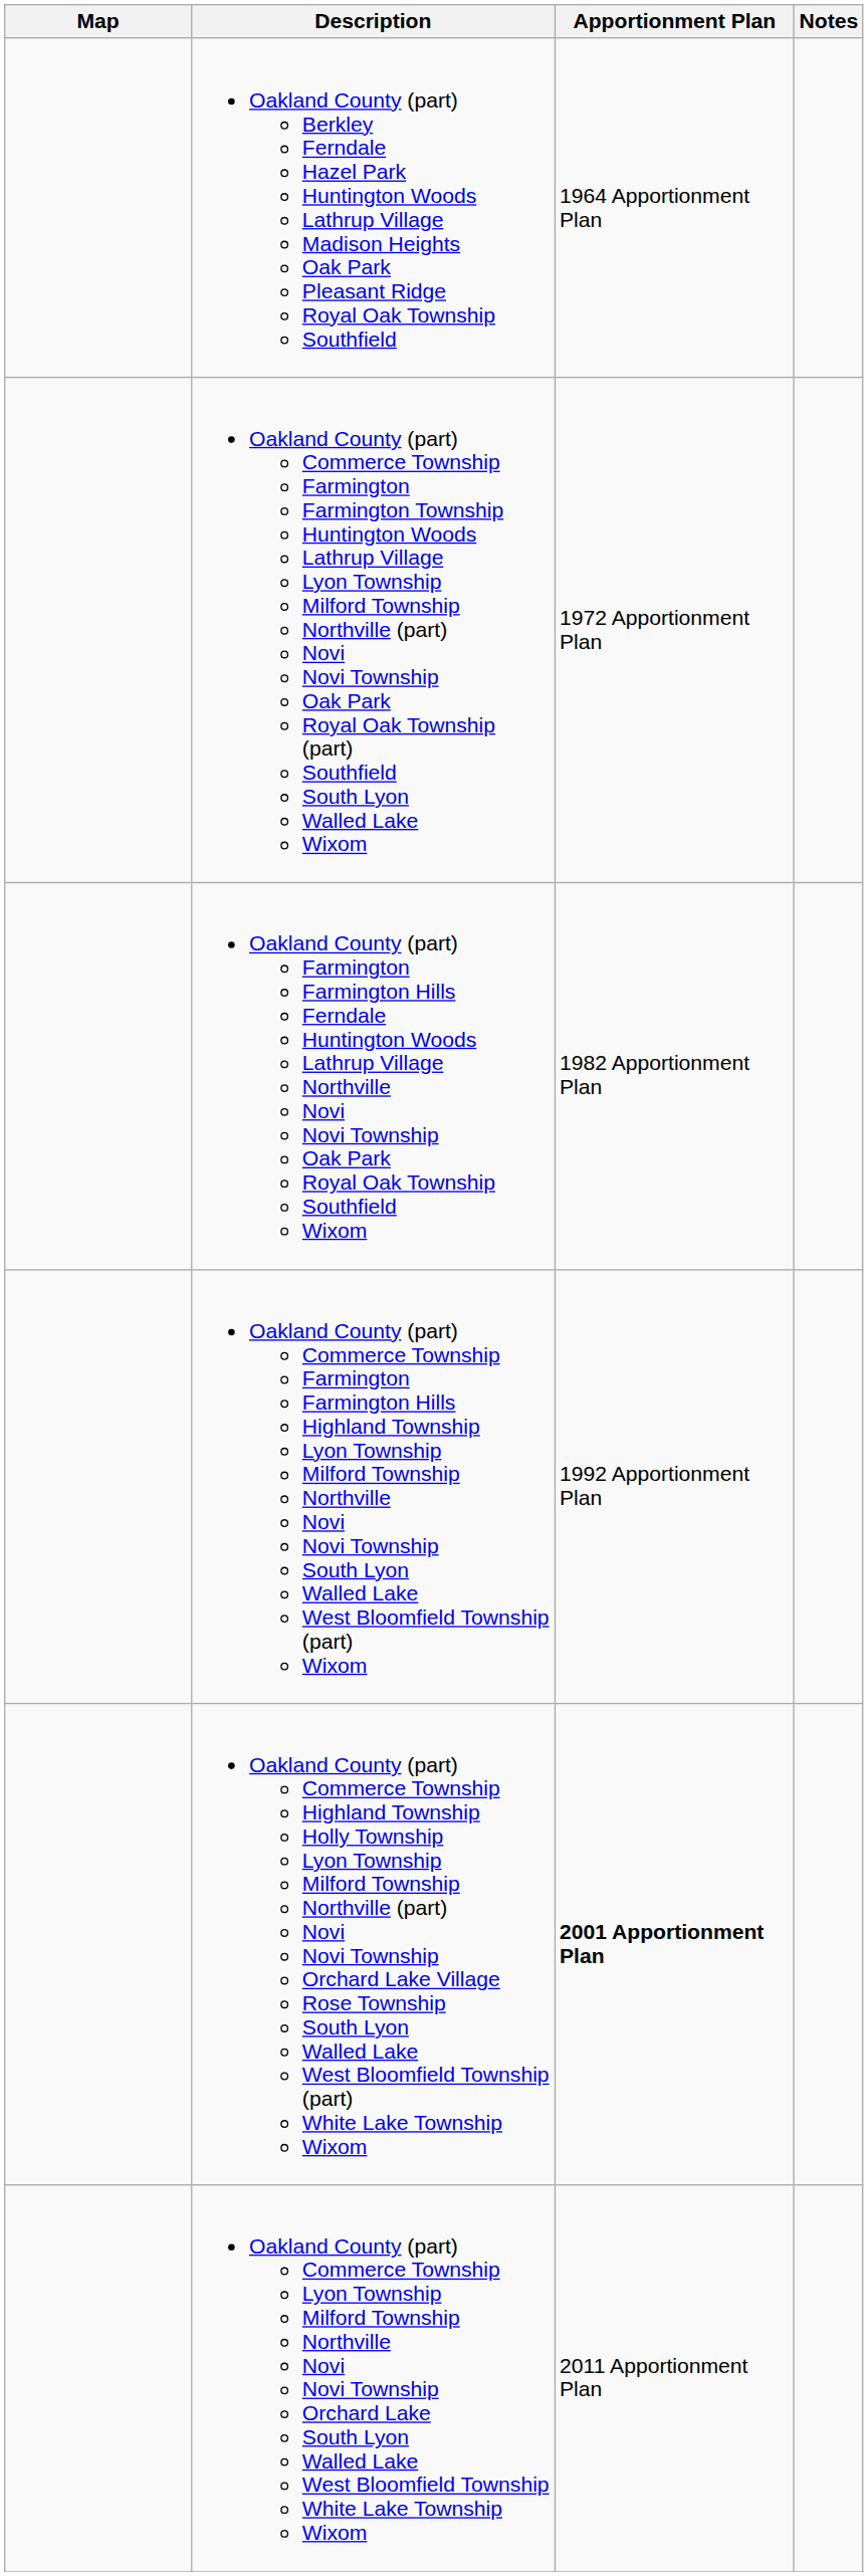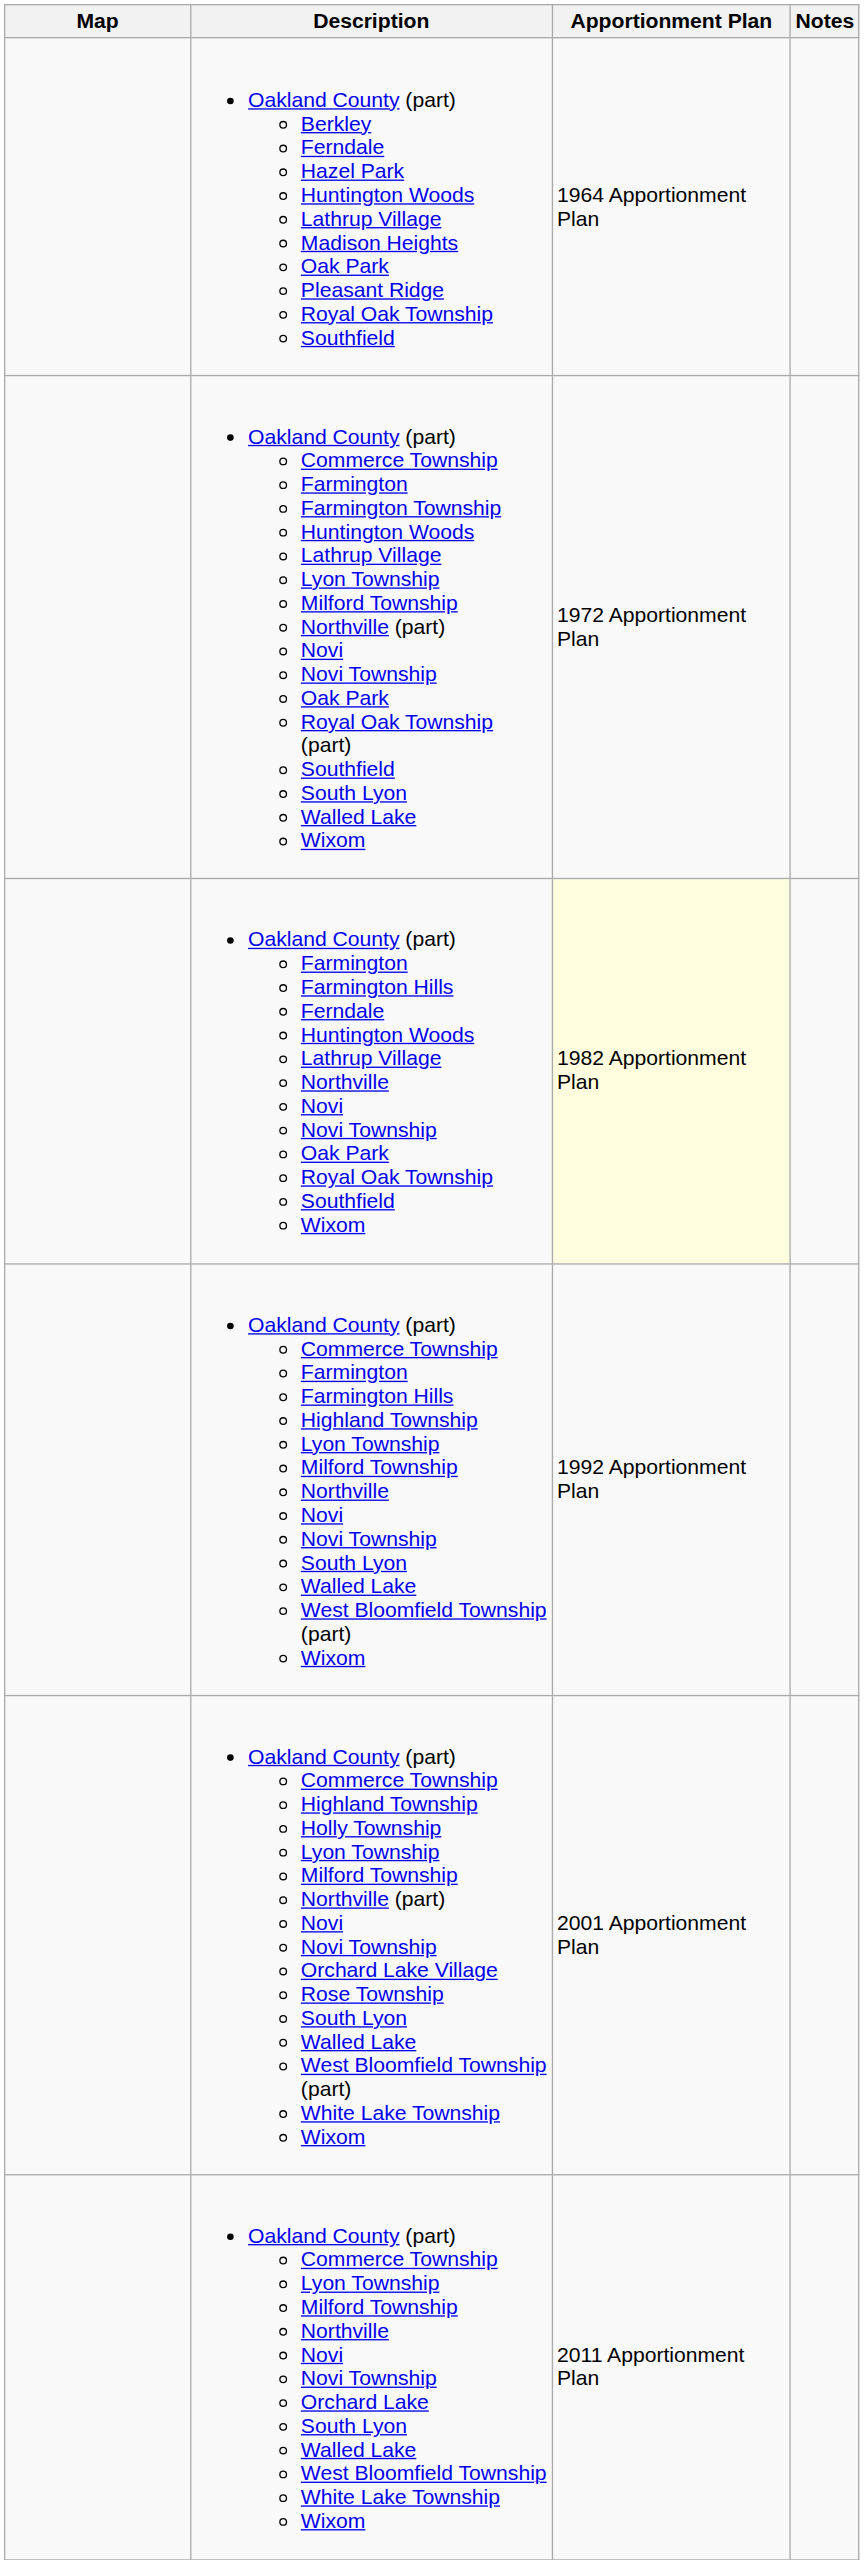 <table class="wikitable sortable">
 <tr>
 <th style="width:100pt;">Map</th>
 <th style="width:200pt;">Description</th>
 <th style="width:130pt;">Apportionment Plan</th>
 <th style="width:15pt;">Notes</th>
 </tr>
 <tr>
 <td></td>
 <td><br><ul><li><a href='#'>Oakland County</a> (part)<ul><li><a href='#'>Berkley</a></li><li><a href='#'>Ferndale</a></li><li><a href='#'>Hazel Park</a></li><li><a href='#'>Huntington Woods</a></li><li><a href='#'>Lathrup Village</a></li><li><a href='#'>Madison Heights</a></li><li><a href='#'>Oak Park</a></li><li><a href='#'>Pleasant Ridge</a></li><li><a href='#'>Royal Oak Township</a></li><li><a href='#'>Southfield</a></li></ul></li></ul></td>
 <td>1964 Apportionment Plan</td>
 <td></td>
 </tr>
 <tr>
 <td></td>
 <td><br><ul><li><a href='#'>Oakland County</a> (part)<ul><li><a href='#'>Commerce Township</a></li><li><a href='#'>Farmington</a></li><li><a href='#'>Farmington Township</a></li><li><a href='#'>Huntington Woods</a></li><li><a href='#'>Lathrup Village</a></li><li><a href='#'>Lyon Township</a></li><li><a href='#'>Milford Township</a></li><li><a href='#'>Northville</a> (part)</li><li><a href='#'>Novi</a></li><li><a href='#'>Novi Township</a></li><li><a href='#'>Oak Park</a></li><li><a href='#'>Royal Oak Township</a> (part)</li><li><a href='#'>Southfield</a></li><li><a href='#'>South Lyon</a></li><li><a href='#'>Walled Lake</a></li><li><a href='#'>Wixom</a></li></ul></li></ul></td>
 <td>1972 Apportionment Plan</td>
 <td></td>
 </tr>
 <tr>
 <td></td>
 <td><br><ul><li><a href='#'>Oakland County</a> (part)<ul><li><a href='#'>Farmington</a></li><li><a href='#'>Farmington Hills</a></li><li><a href='#'>Ferndale</a></li><li><a href='#'>Huntington Woods</a></li><li><a href='#'>Lathrup Village</a></li><li><a href='#'>Northville</a></li><li><a href='#'>Novi</a></li><li><a href='#'>Novi Township</a></li><li><a href='#'>Oak Park</a></li><li><a href='#'>Royal Oak Township</a></li><li><a href='#'>Southfield</a></li><li><a href='#'>Wixom</a></li></ul></li></ul></td>
-<td>1982 Apportionment Plan</td>
+<td style="background: lightyellow;">1982 Apportionment Plan</td>
 <td></td>
 </tr>
 <tr>
 <td></td>
 <td><br><ul><li><a href='#'>Oakland County</a> (part)<ul><li><a href='#'>Commerce Township</a></li><li><a href='#'>Farmington</a></li><li><a href='#'>Farmington Hills</a></li><li><a href='#'>Highland Township</a></li><li><a href='#'>Lyon Township</a></li><li><a href='#'>Milford Township</a></li><li><a href='#'>Northville</a></li><li><a href='#'>Novi</a></li><li><a href='#'>Novi Township</a></li><li><a href='#'>South Lyon</a></li><li><a href='#'>Walled Lake</a></li><li><a href='#'>West Bloomfield Township</a> (part)</li><li><a href='#'>Wixom</a></li></ul></li></ul></td>
 <td>1992 Apportionment Plan</td>
 <td></td>
 </tr>
 <tr>
 <td></td>
 <td><br><ul><li><a href='#'>Oakland County</a> (part)<ul><li><a href='#'>Commerce Township</a></li><li><a href='#'>Highland Township</a></li><li><a href='#'>Holly Township</a></li><li><a href='#'>Lyon Township</a></li><li><a href='#'>Milford Township</a></li><li><a href='#'>Northville</a> (part)</li><li><a href='#'>Novi</a></li><li><a href='#'>Novi Township</a></li><li><a href='#'>Orchard Lake Village</a></li><li><a href='#'>Rose Township</a></li><li><a href='#'>South Lyon</a></li><li><a href='#'>Walled Lake</a></li><li><a href='#'>West Bloomfield Township</a> (part)</li><li><a href='#'>White Lake Township</a></li><li><a href='#'>Wixom</a></li></ul></li></ul></td>
-<td><strong>2001 Apportionment Plan</strong></td>
+<td>2001 Apportionment Plan</td>
 <td></td>
 </tr>
 <tr>
 <td></td>
 <td><br><ul><li><a href='#'>Oakland County</a> (part)<ul><li><a href='#'>Commerce Township</a></li><li><a href='#'>Lyon Township</a></li><li><a href='#'>Milford Township</a></li><li><a href='#'>Northville</a></li><li><a href='#'>Novi</a></li><li><a href='#'>Novi Township</a></li><li><a href='#'>Orchard Lake</a></li><li><a href='#'>South Lyon</a></li><li><a href='#'>Walled Lake</a></li><li><a href='#'>West Bloomfield Township</a></li><li><a href='#'>White Lake Township</a></li><li><a href='#'>Wixom</a></li></ul></li></ul></td>
 <td>2011 Apportionment Plan</td>
 <td></td>
 </tr>
 <tr>
 </tr>
 </table>
